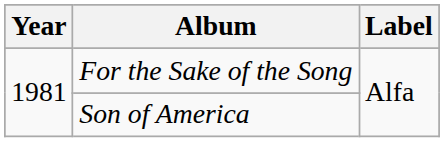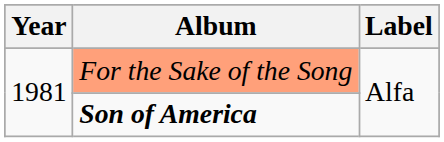 <table class="wikitable">
 <tr>
 <th>Year</th>
 <th>Album</th>
 <th>Label</th>
 </tr>
 <tr>
 <td rowspan=2>1981</td>
-<td><em>For the Sake of the Song</em></td>
+<td style="background: lightsalmon;"><em>For the Sake of the Song</em></td>
 <td rowspan=2>Alfa</td>
 </tr>
 <tr>
-<td><em>Son of America</em></td>
+<td><strong><em>Son of America</em></strong></td>
 </tr>
 </table>
